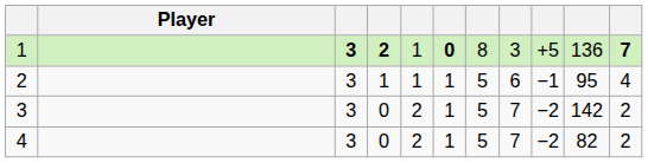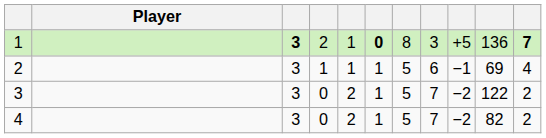 <table class="wikitable" style="text-align:center; margin: 1em auto 1em auto, align:left">
 <tr>
 <th width=20></th>
 <th width=240>Player</th>
 <th width=20></th>
 <th width=20></th>
 <th width=20></th>
 <th width=20></th>
 <th width=20></th>
 <th width=20></th>
 <th width=20></th>
 <th width=30></th>
 <th width=20></th>
 </tr>
 <tr style="background:#D0F0C0;">
 <td>1</td>
 <td align=left></td>
 <td><strong>3</strong></td>
-<td><strong>2</strong></td>
+<td>2</td>
 <td>1</td>
 <td><strong>0</strong></td>
 <td>8</td>
 <td>3</td>
 <td>+5</td>
 <td>136</td>
 <td><strong>7</strong></td>
 </tr>
 <tr style=>
 <td>2</td>
 <td align=left></td>
 <td>3</td>
 <td>1</td>
 <td>1</td>
 <td>1</td>
 <td>5</td>
 <td>6</td>
 <td>−1</td>
-<td>95</td>
+<td>69</td>
 <td>4</td>
 </tr>
 <tr style=>
 <td>3</td>
 <td align=left></td>
 <td>3</td>
 <td>0</td>
 <td>2</td>
 <td>1</td>
 <td>5</td>
 <td>7</td>
 <td>−2</td>
-<td>142</td>
+<td>122</td>
 <td>2</td>
 </tr>
 <tr style=>
 <td>4</td>
 <td align=left></td>
 <td>3</td>
 <td>0</td>
 <td>2</td>
 <td>1</td>
 <td>5</td>
 <td>7</td>
 <td>−2</td>
 <td>82</td>
 <td>2</td>
 </tr>
 </table>
